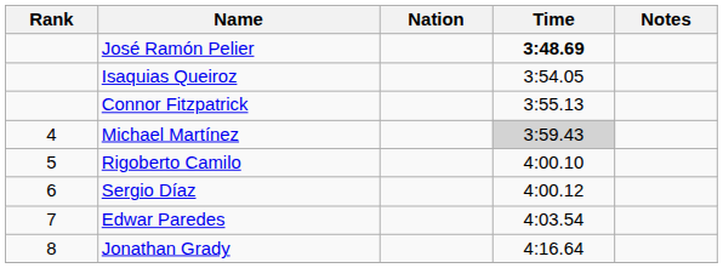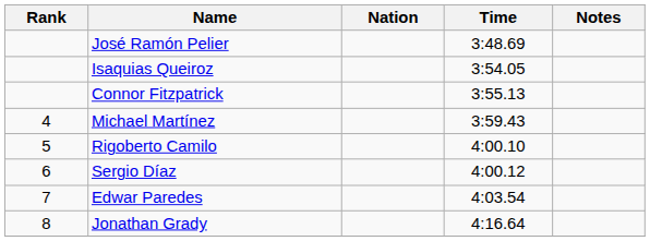 <table class="wikitable sortable" style="text-align:center" width=50%>
 <tr>
 <th>Rank</th>
 <th>Name</th>
 <th>Nation</th>
 <th>Time</th>
 <th>Notes</th>
 </tr>
 <tr>
 <td></td>
 <td align=left><a href='#'>José Ramón Pelier</a></td>
 <td align=left></td>
-<td><strong>3:48.69</strong></td>
+<td>3:48.69</td>
 <td></td>
 </tr>
 <tr>
 <td></td>
 <td align=left><a href='#'>Isaquias Queiroz</a></td>
 <td align=left></td>
 <td>3:54.05</td>
 <td></td>
 </tr>
 <tr>
 <td></td>
 <td align=left><a href='#'>Connor Fitzpatrick</a></td>
 <td align=left></td>
 <td>3:55.13</td>
 <td></td>
 </tr>
 <tr>
 <td>4</td>
 <td align=left><a href='#'>Michael Martínez</a></td>
 <td align=left></td>
-<td style="background: lightgrey;">3:59.43</td>
+<td>3:59.43</td>
 <td></td>
 </tr>
 <tr>
 <td>5</td>
 <td align=left><a href='#'>Rigoberto Camilo</a></td>
 <td align=left></td>
 <td>4:00.10</td>
 <td></td>
 </tr>
 <tr>
 <td>6</td>
 <td align=left><a href='#'>Sergio Díaz</a></td>
 <td align=left></td>
 <td>4:00.12</td>
 <td></td>
 </tr>
 <tr>
 <td>7</td>
 <td align=left><a href='#'>Edwar Paredes</a></td>
 <td align=left></td>
 <td>4:03.54</td>
 <td></td>
 </tr>
 <tr>
 <td>8</td>
 <td align=left><a href='#'>Jonathan Grady</a></td>
 <td align=left></td>
 <td>4:16.64</td>
 <td></td>
 </tr>
 <tr>
 </tr>
 </table>
